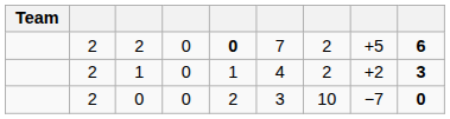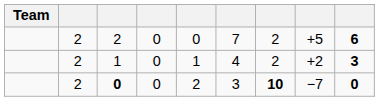 <table class="wikitable" width=66% style="text-align:center;font-size:100%;">
 <tr>
 <th width=28>Team</th>
 <th width=28></th>
 <th width=28></th>
 <th width=28></th>
 <th width=28></th>
 <th width=28></th>
 <th width=28></th>
 <th width=28></th>
 <th width=28></th>
 </tr>
 <tr>
 <td style="text-align:left;"></td>
 <td>2</td>
 <td>2</td>
 <td>0</td>
-<td><strong>0</strong></td>
+<td>0</td>
 <td>7</td>
 <td>2</td>
 <td>+5</td>
 <td><strong>6</strong></td>
 </tr>
 <tr>
 <td style="text-align:left;"></td>
 <td>2</td>
 <td>1</td>
 <td>0</td>
 <td>1</td>
 <td>4</td>
 <td>2</td>
 <td>+2</td>
 <td><strong>3</strong></td>
 </tr>
 <tr>
 <td style="text-align:left;"></td>
 <td>2</td>
-<td>0</td>
+<td><strong>0</strong></td>
 <td>0</td>
 <td>2</td>
 <td>3</td>
-<td>10</td>
+<td><strong>10</strong></td>
 <td>−7</td>
 <td><strong>0</strong></td>
 </tr>
 </table>
